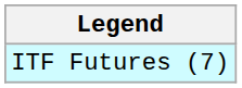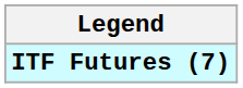 <table class=wikitable style=font-size:97%>
 <tr>
 <th>Legend</th>
 </tr>
 <tr bgcolor=cffcff>
-<td>ITF Futures (7)</td>
+<td><strong>ITF Futures (7)</strong></td>
 </tr>
 </table>
